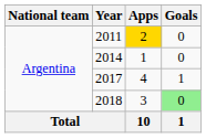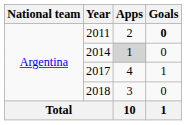 <table class="wikitable" style="text-align:center">
 <tr>
 <th>National team</th>
 <th>Year</th>
 <th>Apps</th>
 <th>Goals</th>
 </tr>
 <tr>
 <td rowspan=4><a href='#'>Argentina</a></td>
 <td>2011</td>
-<td style="background: gold;">2</td>
-<td>0</td>
+<td>2</td>
+<td><strong>0</strong></td>
 </tr>
 <tr>
 <td>2014</td>
-<td>1</td>
+<td style="background: lightgrey;">1</td>
 <td>0</td>
 </tr>
 <tr>
 <td>2017</td>
 <td>4</td>
 <td>1</td>
 </tr>
 <tr>
 <td>2018</td>
 <td>3</td>
-<td style="background: lightgreen;">0</td>
+<td>0</td>
 </tr>
 <tr>
 <th colspan=2>Total</th>
 <th>10</th>
 <th>1</th>
 </tr>
 </table>
